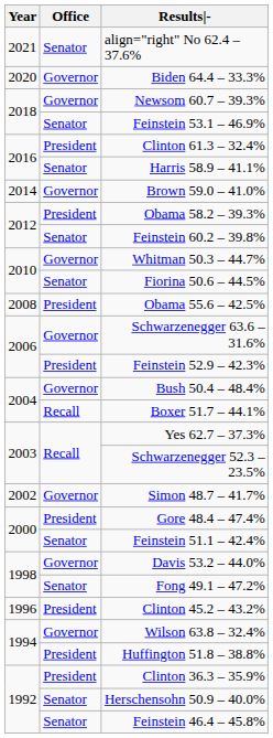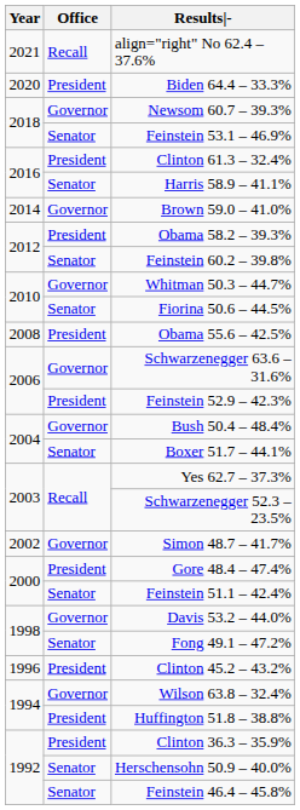 <table class=wikitable>
 <tr>
 <th width="30">Year</th>
 <th width="60">Office</th>
 <th width="180">Results|-</th>
 </tr>
 <tr>
 <td>2021</td>
-<td><a href='#'>Senator</a></td>
+<td><a href='#'>Recall</a></td>
 <td>align="right"  No 62.4 – 37.6%</td>
 </tr>
 <tr>
 <td rowspan="1">2020</td>
-<td><a href='#'>Governor</a></td>
+<td><a href='#'>President</a></td>
 <td align="right" ><a href='#'>Biden</a> 64.4 – 33.3%</td>
 </tr>
 <tr>
 <td rowspan="2">2018</td>
 <td><a href='#'>Governor</a></td>
 <td align="right" ><a href='#'>Newsom</a> 60.7 – 39.3%</td>
 </tr>
 <tr>
 <td><a href='#'>Senator</a></td>
 <td align="right" ><a href='#'>Feinstein</a> 53.1 – 46.9%</td>
 </tr>
 <tr>
 <td rowspan="2">2016</td>
 <td><a href='#'>President</a></td>
 <td align="right" ><a href='#'>Clinton</a> 61.3 – 32.4%</td>
 </tr>
 <tr>
 <td><a href='#'>Senator</a></td>
 <td align="right" ><a href='#'>Harris</a> 58.9 – 41.1%</td>
 </tr>
 <tr>
 <td>2014</td>
 <td><a href='#'>Governor</a></td>
 <td align="right" ><a href='#'>Brown</a> 59.0 – 41.0%</td>
 </tr>
 <tr>
 <td rowspan="2">2012</td>
 <td><a href='#'>President</a></td>
 <td align="right" ><a href='#'>Obama</a> 58.2 – 39.3%</td>
 </tr>
 <tr>
 <td><a href='#'>Senator</a></td>
 <td align="right" ><a href='#'>Feinstein</a> 60.2 – 39.8%</td>
 </tr>
 <tr>
 <td rowspan="2">2010</td>
 <td><a href='#'>Governor</a></td>
 <td align="right" ><a href='#'>Whitman</a> 50.3 – 44.7%</td>
 </tr>
 <tr>
 <td><a href='#'>Senator</a></td>
 <td align="right" ><a href='#'>Fiorina</a> 50.6 – 44.5%</td>
 </tr>
 <tr>
 <td>2008</td>
 <td><a href='#'>President</a></td>
 <td align="right" ><a href='#'>Obama</a> 55.6 – 42.5%</td>
 </tr>
 <tr>
 <td rowspan="2">2006</td>
 <td><a href='#'>Governor</a></td>
 <td align="right" ><a href='#'>Schwarzenegger</a> 63.6 – 31.6%</td>
 </tr>
 <tr>
 <td><a href='#'>President</a></td>
 <td align="right" ><a href='#'>Feinstein</a> 52.9 – 42.3%</td>
 </tr>
 <tr>
 <td rowspan="2">2004</td>
 <td><a href='#'>Governor</a></td>
 <td align="right" ><a href='#'>Bush</a> 50.4 – 48.4%</td>
 </tr>
 <tr>
-<td><a href='#'>Recall</a></td>
+<td><a href='#'>Senator</a></td>
 <td align="right" ><a href='#'>Boxer</a> 51.7 – 44.1%</td>
 </tr>
 <tr>
 <td rowspan="2">2003</td>
 <td rowspan="2"><a href='#'>Recall</a></td>
 <td align="right">Yes 62.7 – 37.3%</td>
 </tr>
 <tr>
 <td align="right" ><a href='#'>Schwarzenegger</a> 52.3 – 23.5%</td>
 </tr>
 <tr>
 <td>2002</td>
 <td><a href='#'>Governor</a></td>
 <td align="right" ><a href='#'>Simon</a> 48.7 – 41.7%</td>
 </tr>
 <tr>
 <td rowspan="2">2000</td>
 <td><a href='#'>President</a></td>
 <td align="right" ><a href='#'>Gore</a> 48.4 – 47.4%</td>
 </tr>
 <tr>
 <td><a href='#'>Senator</a></td>
 <td align="right" ><a href='#'>Feinstein</a> 51.1 – 42.4%</td>
 </tr>
 <tr>
 <td rowspan="2">1998</td>
 <td><a href='#'>Governor</a></td>
 <td align="right" ><a href='#'>Davis</a> 53.2 – 44.0%</td>
 </tr>
 <tr>
 <td><a href='#'>Senator</a></td>
 <td align="right" ><a href='#'>Fong</a> 49.1 – 47.2%</td>
 </tr>
 <tr>
 <td>1996</td>
 <td><a href='#'>President</a></td>
 <td align="right" ><a href='#'>Clinton</a> 45.2 – 43.2%</td>
 </tr>
 <tr>
 <td rowspan="2">1994</td>
 <td><a href='#'>Governor</a></td>
 <td align="right" ><a href='#'>Wilson</a> 63.8 – 32.4%</td>
 </tr>
 <tr>
 <td><a href='#'>President</a></td>
 <td align="right" ><a href='#'>Huffington</a> 51.8 – 38.8%</td>
 </tr>
 <tr>
 <td rowspan="3">1992</td>
 <td><a href='#'>President</a></td>
 <td align="right" ><a href='#'>Clinton</a> 36.3 – 35.9%</td>
 </tr>
 <tr>
 <td><a href='#'>Senator</a></td>
 <td align="right" ><a href='#'>Herschensohn</a> 50.9 – 40.0%</td>
 </tr>
 <tr>
 <td><a href='#'>Senator</a></td>
 <td align="right" ><a href='#'>Feinstein</a> 46.4 – 45.8%</td>
 </tr>
 </table>
